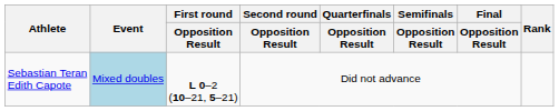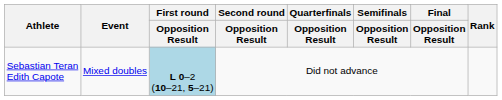 <table class="wikitable" style="font-size:90%">
 <tr>
 <th rowspan="2">Athlete</th>
 <th rowspan="2">Event</th>
 <th>First round</th>
 <th>Second round</th>
 <th>Quarterfinals</th>
 <th>Semifinals</th>
 <th>Final</th>
 <th rowspan="2">Rank</th>
 </tr>
 <tr>
 <th>Opposition<br>Result</th>
 <th>Opposition<br>Result</th>
 <th>Opposition<br>Result</th>
 <th>Opposition<br>Result</th>
 <th>Opposition<br>Result</th>
 </tr>
 <tr>
 <td><a href='#'>Sebastian Teran</a><br><a href='#'>Edith Capote</a></td>
-<td style="background: lightblue;"><a href='#'>Mixed doubles</a></td>
-<td align=center><br><br> <strong>L</strong> <strong>0</strong>–2<br>(<strong>10</strong>–21, <strong>5</strong>–21)</td>
+<td><a href='#'>Mixed doubles</a></td>
+<td align=center style="background: lightblue;"><br><br> <strong>L</strong> <strong>0</strong>–2<br>(<strong>10</strong>–21, <strong>5</strong>–21)</td>
 <td align=center colspan=4>Did not advance</td>
 <td align=center></td>
 </tr>
 </table>
